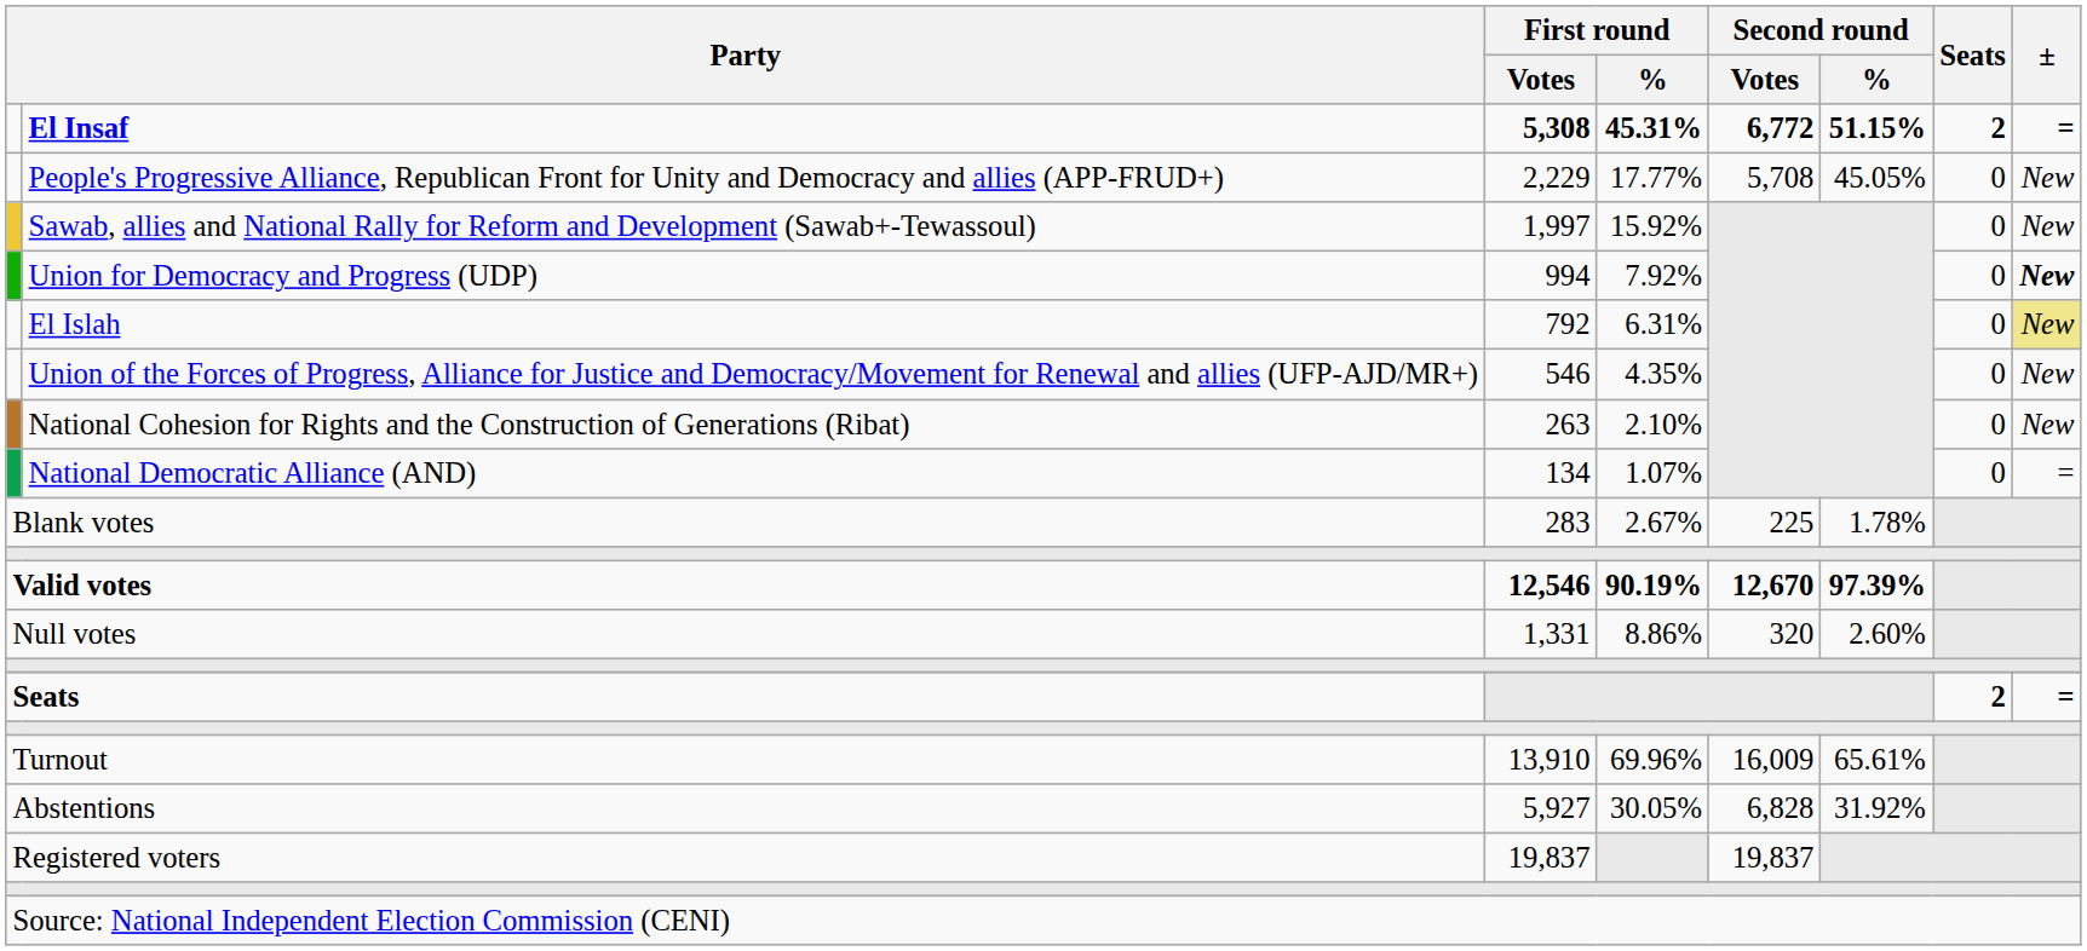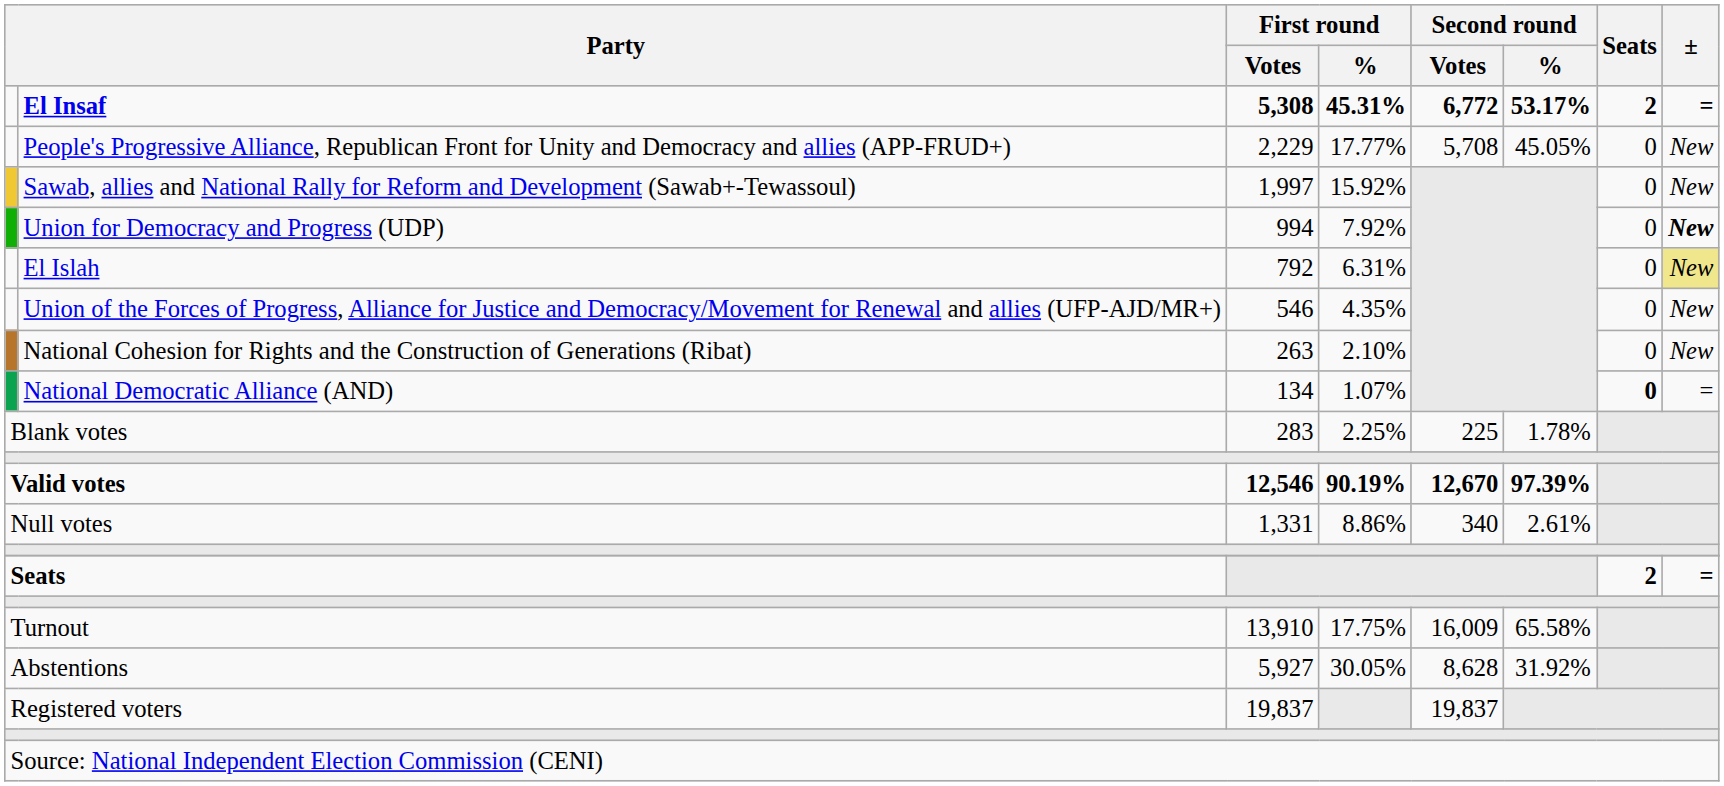 <table class="wikitable" style="text-align:right;font-size:95%;">
 <tr>
 <th rowspan="2" colspan="2" width="700">Party</th>
 <th colspan="2">First round</th>
 <th colspan="2">Second round</th>
 <th rowspan="2" width="25">Seats</th>
 <th rowspan="2" width="20">±</th>
 </tr>
 <tr>
 <th width="50">Votes</th>
 <th width="50">%</th>
 <th width="50">Votes</th>
 <th width="50">%</th>
 </tr>
 <tr>
 <td width="1" style="color:inherit;background:"></td>
 <td style="text-align:left;"><strong><a href='#'>El Insaf</a></strong></td>
 <td><strong>5,308</strong></td>
 <td><strong>45.31%</strong></td>
 <td><strong>6,772</strong></td>
-<td><strong>51.15%</strong></td>
+<td><strong>53.17%</strong></td>
 <td><strong>2</strong></td>
 <td><strong>=</strong></td>
 </tr>
 <tr>
 <td width="1" style="color:inherit;background:"></td>
 <td style="text-align:left;"><a href='#'>People's Progressive Alliance</a>, Republican Front for Unity and Democracy and <a href='#'>allies</a> (APP-FRUD+)</td>
 <td>2,229</td>
 <td>17.77%</td>
 <td>5,708</td>
 <td>45.05%</td>
 <td>0</td>
 <td><em>New</em></td>
 </tr>
 <tr>
 <td width="1" style="color:inherit;background:#F0C832;"></td>
 <td style="text-align:left;"><a href='#'>Sawab</a>, <a href='#'>allies</a> and <a href='#'>National Rally for Reform and Development</a> (Sawab+-Tewassoul)</td>
 <td>1,997</td>
 <td>15.92%</td>
 <td colspan="2" rowspan="6" style="background:#E9E9E9;"></td>
 <td>0</td>
 <td><em>New</em></td>
 </tr>
 <tr>
 <td width="1" style="color:inherit;background:#0FAF05;"></td>
 <td style="text-align:left;"><a href='#'>Union for Democracy and Progress</a> (UDP)</td>
 <td>994</td>
 <td>7.92%</td>
 <td>0</td>
 <td><strong><em>New</em></strong></td>
 </tr>
 <tr>
 <td width="1" style="color:inherit;background:"></td>
 <td style="text-align:left;"><a href='#'>El Islah</a></td>
 <td>792</td>
 <td>6.31%</td>
 <td>0</td>
 <td style="background: khaki;"><em>New</em></td>
 </tr>
 <tr>
 <td width="1" style="color:inherit;background:"></td>
 <td style="text-align:left;"><a href='#'>Union of the Forces of Progress</a>, <a href='#'>Alliance for Justice and Democracy/Movement for Renewal</a> and <a href='#'>allies</a> (UFP-AJD/MR+)</td>
 <td>546</td>
 <td>4.35%</td>
 <td>0</td>
 <td><em>New</em></td>
 </tr>
 <tr>
 <td width="1" style="color:inherit;background:#B7752C;"></td>
 <td style="text-align:left;">National Cohesion for Rights and the Construction of Generations (Ribat)</td>
 <td>263</td>
 <td>2.10%</td>
 <td>0</td>
 <td><em>New</em></td>
 </tr>
 <tr>
 <td width="1" style="color:inherit;background:#0AA450;"></td>
 <td style="text-align:left;"><a href='#'>National Democratic Alliance</a> (AND)</td>
 <td>134</td>
 <td>1.07%</td>
-<td>0</td>
+<td><strong>0</strong></td>
 <td>=</td>
 </tr>
 <tr>
 <td colspan="2" style="text-align:left;">Blank votes</td>
 <td>283</td>
-<td>2.67%</td>
+<td>2.25%</td>
 <td>225</td>
 <td>1.78%</td>
 <td colspan="2" style="background:#E9E9E9;"></td>
 </tr>
 <tr>
 <td colspan="8" style="background:#E9E9E9;"></td>
 </tr>
 <tr style="font-weight:bold;">
 <td colspan="2" style="text-align:left;">Valid votes</td>
 <td>12,546</td>
 <td>90.19%</td>
 <td>12,670</td>
 <td>97.39%</td>
 <td colspan="2" style="background:#E9E9E9;"></td>
 </tr>
 <tr>
 <td colspan="2" style="text-align:left;">Null votes</td>
 <td>1,331</td>
 <td>8.86%</td>
-<td>320</td>
-<td>2.60%</td>
+<td>340</td>
+<td>2.61%</td>
 <td colspan="2" style="background:#E9E9E9;"></td>
 </tr>
 <tr>
 <td colspan="8" style="background:#E9E9E9;"></td>
 </tr>
 <tr>
 </tr>
 <tr style="font-weight:bold;">
 <td colspan="2" style="text-align:left;">Seats</td>
 <td colspan="4" style="background:#E9E9E9;"></td>
 <td>2</td>
 <td>=</td>
 </tr>
 <tr>
 <td colspan="8" style="background:#E9E9E9;"></td>
 </tr>
 <tr>
 <td colspan="2" style="text-align:left;">Turnout</td>
 <td>13,910</td>
-<td>69.96%</td>
+<td>17.75%</td>
 <td>16,009</td>
-<td>65.61%</td>
+<td>65.58%</td>
 <td colspan="2" style="background:#E9E9E9;"></td>
 </tr>
 <tr>
 <td colspan="2" style="text-align:left;">Abstentions</td>
 <td>5,927</td>
 <td>30.05%</td>
-<td>6,828</td>
+<td>8,628</td>
 <td>31.92%</td>
 <td colspan="2" style="background:#E9E9E9;"></td>
 </tr>
 <tr>
 <td colspan="2" style="text-align:left;">Registered voters</td>
 <td>19,837</td>
 <td style="color:inherit;background:#E9E9E9;"></td>
 <td>19,837</td>
 <td colspan="3" style="background:#E9E9E9;"></td>
 </tr>
 <tr>
 <td colspan="8" style="background:#E9E9E9;"></td>
 </tr>
 <tr>
 <td colspan="8" style="text-align:left;">Source: <a href='#'>National Independent Election Commission</a> (CENI)</td>
 </tr>
 </table>
